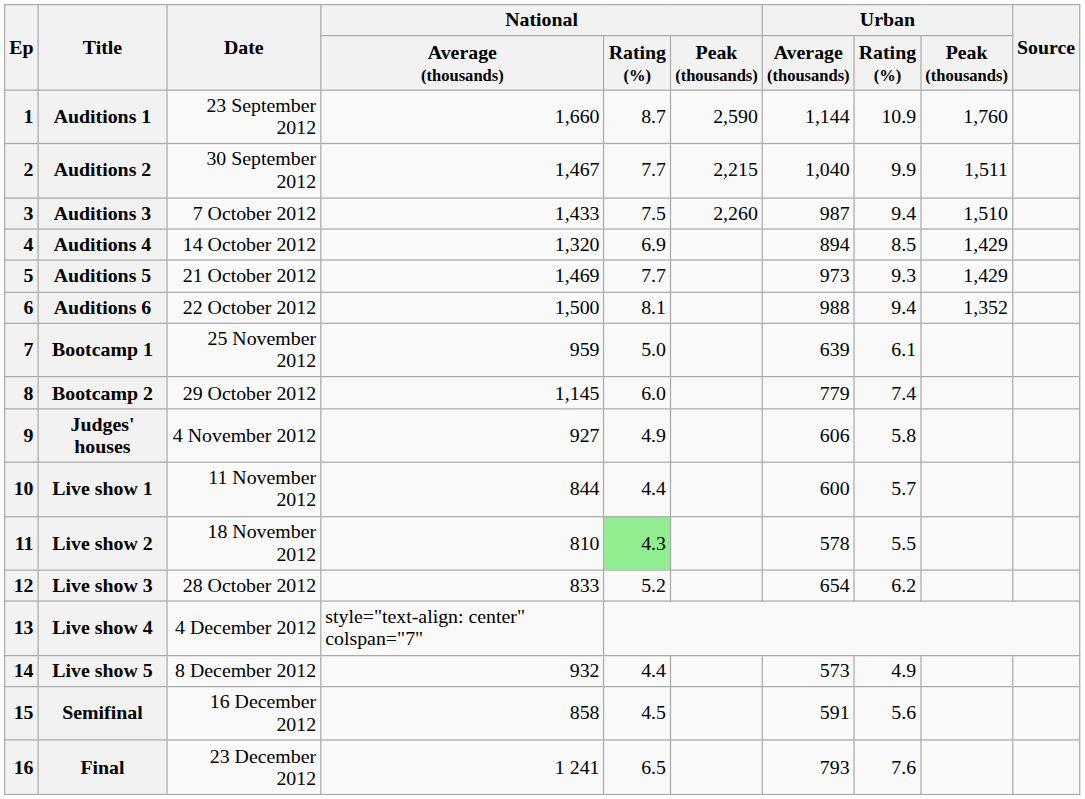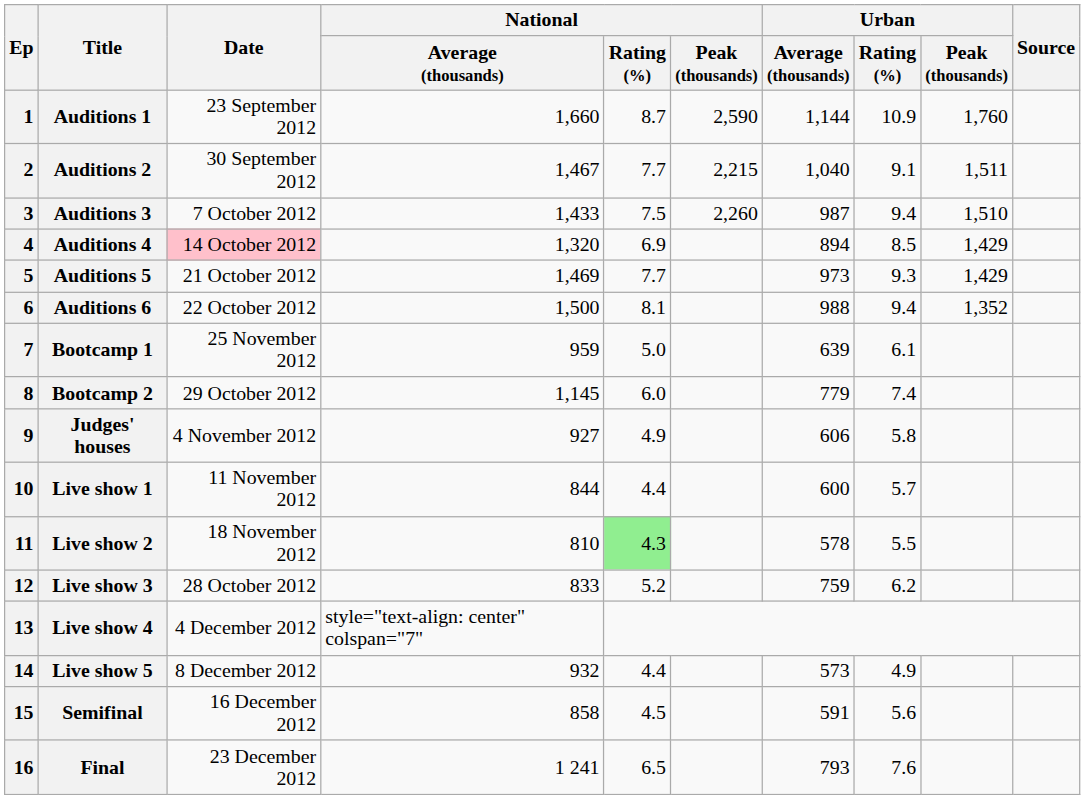 <table class="wikitable" style="text-align:centet">
 <tr>
 <th rowspan="2">Ep</th>
 <th rowspan="2">Title</th>
 <th rowspan="2">Date</th>
 <th colspan="3">National</th>
 <th colspan="3">Urban</th>
 <th rowspan="2">Source</th>
 </tr>
 <tr>
 <th>Average<br><small>(thousands)</small></th>
 <th>Rating<br><small>(%)</small></th>
 <th>Peak<br><small>(thousands)</small></th>
 <th>Average<br><small>(thousands)</small></th>
 <th>Rating<br><small>(%)</small></th>
 <th>Peak<br><small>(thousands)</small></th>
 </tr>
 <tr>
 <th style="text-align: right">1</th>
 <th>Auditions 1</th>
 <td style="text-align: right">23 September 2012</td>
 <td style="text-align: right">1,660</td>
 <td style="text-align: right">8.7</td>
 <td style="text-align: right">2,590</td>
 <td style="text-align: right">1,144</td>
 <td style="text-align: right">10.9</td>
 <td style="text-align: right">1,760</td>
 <td style="text-align: center"></td>
 </tr>
 <tr>
 <th style="text-align: right">2</th>
 <th>Auditions 2</th>
 <td style="text-align: right">30 September 2012</td>
 <td style="text-align: right">1,467</td>
 <td style="text-align: right">7.7</td>
 <td style="text-align: right">2,215</td>
 <td style="text-align: right">1,040</td>
-<td style="text-align: right">9.9</td>
+<td style="text-align: right">9.1</td>
 <td style="text-align: right">1,511</td>
 <td style="text-align: center"></td>
 </tr>
 <tr>
 <th style="text-align: right">3</th>
 <th>Auditions 3</th>
 <td style="text-align: right">7 October 2012</td>
 <td style="text-align: right">1,433</td>
 <td style="text-align: right">7.5</td>
 <td style="text-align: right">2,260</td>
 <td style="text-align: right">987</td>
 <td style="text-align: right">9.4</td>
 <td style="text-align: right">1,510</td>
 <td style="text-align: center"></td>
 </tr>
 <tr>
 <th style="text-align: right">4</th>
 <th>Auditions 4</th>
-<td style="text-align: right">14 October 2012</td>
+<td style="background: pink; text-align: right">14 October 2012</td>
 <td style="text-align: right">1,320</td>
 <td style="text-align: right">6.9</td>
 <td style="text-align: right"></td>
 <td style="text-align: right">894</td>
 <td style="text-align: right">8.5</td>
 <td style="text-align: right">1,429</td>
 <td style="text-align: center"></td>
 </tr>
 <tr>
 <th style="text-align: right">5</th>
 <th>Auditions 5</th>
 <td style="text-align: right">21 October 2012</td>
 <td style="text-align: right">1,469</td>
 <td style="text-align: right">7.7</td>
 <td style="text-align: right"></td>
 <td style="text-align: right">973</td>
 <td style="text-align: right">9.3</td>
 <td style="text-align: right">1,429</td>
 <td style="text-align: center"></td>
 </tr>
 <tr>
 <th style="text-align: right">6</th>
 <th>Auditions 6</th>
 <td style="text-align: right">22 October 2012</td>
 <td style="text-align: right">1,500</td>
 <td style="text-align: right">8.1</td>
 <td style="text-align: right"></td>
 <td style="text-align: right">988</td>
 <td style="text-align: right">9.4</td>
 <td style="text-align: right">1,352</td>
 <td style="text-align: center"></td>
 </tr>
 <tr>
 <th style="text-align: right">7</th>
 <th>Bootcamp 1</th>
 <td style="text-align: right">25 November 2012</td>
 <td style="text-align: right">959</td>
 <td style="text-align: right">5.0</td>
 <td style="text-align: right"></td>
 <td style="text-align: right">639</td>
 <td style="text-align: right">6.1</td>
 <td style="text-align: right"></td>
 <td style="text-align: center"></td>
 </tr>
 <tr>
 <th style="text-align: right">8</th>
 <th>Bootcamp 2</th>
 <td style="text-align: right">29 October 2012</td>
 <td style="text-align: right">1,145</td>
 <td style="text-align: right">6.0</td>
 <td style="text-align: right"></td>
 <td style="text-align: right">779</td>
 <td style="text-align: right">7.4</td>
 <td style="text-align: right"></td>
 <td style="text-align: center"></td>
 </tr>
 <tr>
 <th style="text-align: right">9</th>
 <th>Judges' houses</th>
 <td style="text-align: right">4 November 2012</td>
 <td style="text-align: right">927</td>
 <td style="text-align: right">4.9</td>
 <td style="text-align: right"></td>
 <td style="text-align: right">606</td>
 <td style="text-align: right">5.8</td>
 <td style="text-align: right"></td>
 <td style="text-align: center"></td>
 </tr>
 <tr>
 <th style="text-align: right">10</th>
 <th>Live show 1</th>
 <td style="text-align: right">11 November 2012</td>
 <td style="text-align: right">844</td>
 <td style="text-align: right">4.4</td>
 <td style="text-align: right"></td>
 <td style="text-align: right">600</td>
 <td style="text-align: right">5.7</td>
 <td style="text-align: right"></td>
 <td style="text-align: center"></td>
 </tr>
 <tr>
 <th style="text-align: right">11</th>
 <th>Live show 2</th>
 <td style="text-align: right">18 November 2012</td>
 <td style="text-align: right">810</td>
 <td style="background: lightgreen; text-align: right">4.3</td>
 <td style="text-align: right"></td>
 <td style="text-align: right">578</td>
 <td style="text-align: right">5.5</td>
 <td style="text-align: right"></td>
 <td style="text-align: center"></td>
 </tr>
 <tr>
 <th style="text-align: right">12</th>
 <th>Live show 3</th>
 <td style="text-align: right">28 October 2012</td>
 <td style="text-align: right">833</td>
 <td style="text-align: right">5.2</td>
 <td style="text-align: right"></td>
-<td style="text-align: right">654</td>
+<td style="text-align: right">759</td>
 <td style="text-align: right">6.2</td>
 <td style="text-align: right"></td>
 <td style="text-align: center"></td>
 </tr>
 <tr>
 <th style="text-align: right">13</th>
 <th>Live show 4</th>
 <td style="text-align: right">4 December 2012</td>
 <td>style="text-align: center" colspan="7" </td>
 </tr>
 <tr>
 <th style="text-align: right">14</th>
 <th>Live show 5</th>
 <td style="text-align: right">8 December 2012</td>
 <td style="text-align: right">932</td>
 <td style="text-align: right">4.4</td>
 <td style="text-align: right"></td>
 <td style="text-align: right">573</td>
 <td style="text-align: right">4.9</td>
 <td style="text-align: right"></td>
 <td style="text-align: center"></td>
 </tr>
 <tr>
 <th style="text-align: right">15</th>
 <th>Semifinal</th>
 <td style="text-align: right">16 December 2012</td>
 <td style="text-align: right">858</td>
 <td style="text-align: right">4.5</td>
 <td style="text-align: right"></td>
 <td style="text-align: right">591</td>
 <td style="text-align: right">5.6</td>
 <td style="text-align: right"></td>
 <td style="text-align: center"></td>
 </tr>
 <tr>
 <th style="text-align: right">16</th>
 <th>Final</th>
 <td style="text-align: right">23 December 2012</td>
 <td style="text-align: right">1 241</td>
 <td style="text-align: right">6.5</td>
 <td style="text-align: right"></td>
 <td style="text-align: right">793</td>
 <td style="text-align: right">7.6</td>
 <td style="text-align: right"></td>
 <td style="text-align: center"></td>
 </tr>
 </table>
